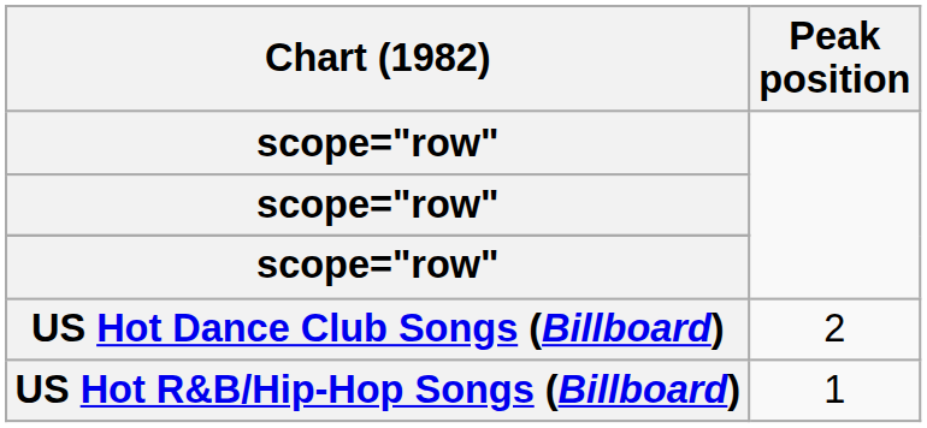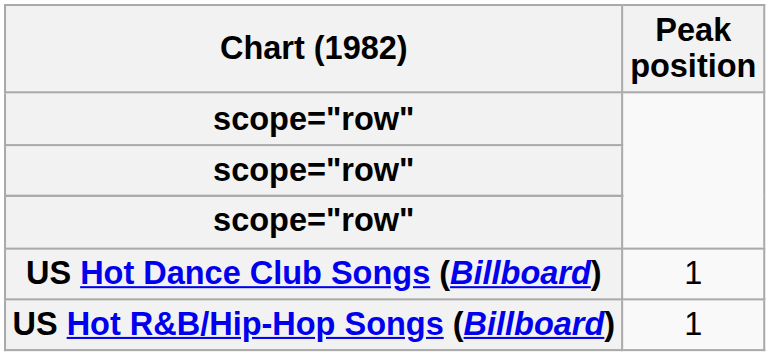 <table class="wikitable sortable plainrowheaders">
 <tr>
 <th scope="col">Chart (1982)</th>
 <th scope="col">Peak<br>position</th>
 </tr>
 <tr>
 <th>scope="row" </th>
 </tr>
 <tr>
 <th>scope="row" </th>
 </tr>
 <tr>
 </tr>
 <tr>
 <th>scope="row" </th>
 </tr>
 <tr>
 <th scope="row">US <a href='#'>Hot Dance Club Songs</a> (<em><a href='#'>Billboard</a></em>)</th>
-<td style="text-align:center;">2</td>
+<td style="text-align:center;">1</td>
 </tr>
 <tr>
 <th scope="row">US <a href='#'>Hot R&B/Hip-Hop Songs</a> (<em><a href='#'>Billboard</a></em>)</th>
 <td style="text-align:center;">1</td>
 </tr>
 </table>
